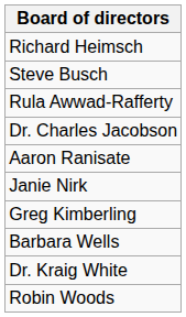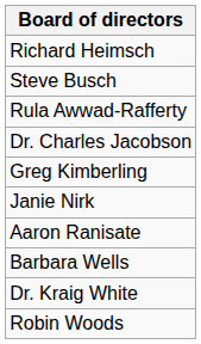 <table class="wikitable">
 <tr>
 <th>Board of directors</th>
 </tr>
 <tr>
 <td>Richard Heimsch</td>
 </tr>
 <tr>
 <td>Steve Busch</td>
 </tr>
 <tr>
 <td>Rula Awwad-Rafferty</td>
 </tr>
 <tr>
 <td>Dr. Charles Jacobson</td>
 </tr>
 <tr>
-<td>Aaron Ranisate</td>
+<td>Greg Kimberling</td>
 </tr>
 <tr>
 <td>Janie Nirk</td>
 </tr>
 <tr>
-<td>Greg Kimberling</td>
+<td>Aaron Ranisate</td>
 </tr>
 <tr>
 <td>Barbara Wells</td>
 </tr>
 <tr>
 <td>Dr. Kraig White</td>
 </tr>
 <tr>
 <td>Robin Woods</td>
 </tr>
 </table>
